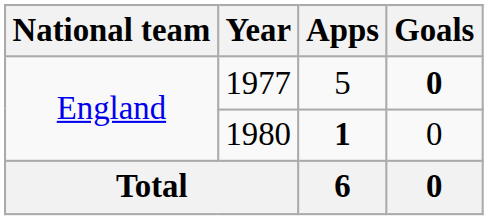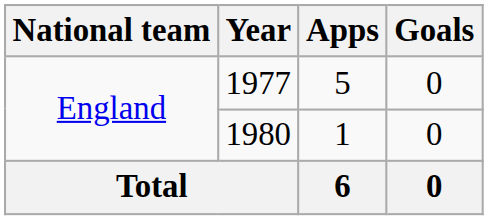 <table class=wikitable style="text-align: center">
 <tr>
 <th>National team</th>
 <th>Year</th>
 <th>Apps</th>
 <th>Goals</th>
 </tr>
 <tr>
 <td rowspan=2><a href='#'>England</a></td>
 <td>1977</td>
 <td>5</td>
-<td><strong>0</strong></td>
+<td>0</td>
 </tr>
 <tr>
 <td>1980</td>
-<td><strong>1</strong></td>
+<td>1</td>
 <td>0</td>
 </tr>
 <tr>
 <th colspan=2>Total</th>
 <th>6</th>
 <th>0</th>
 </tr>
 </table>
